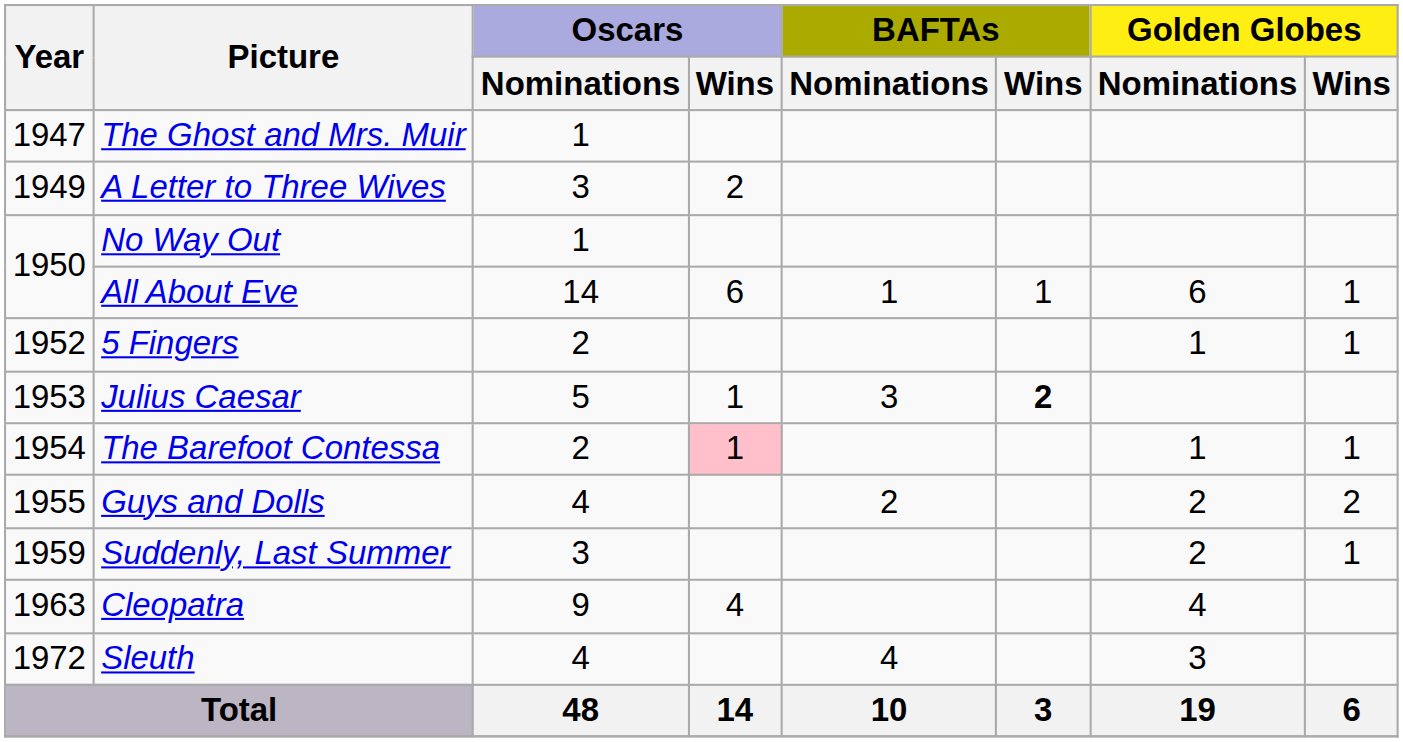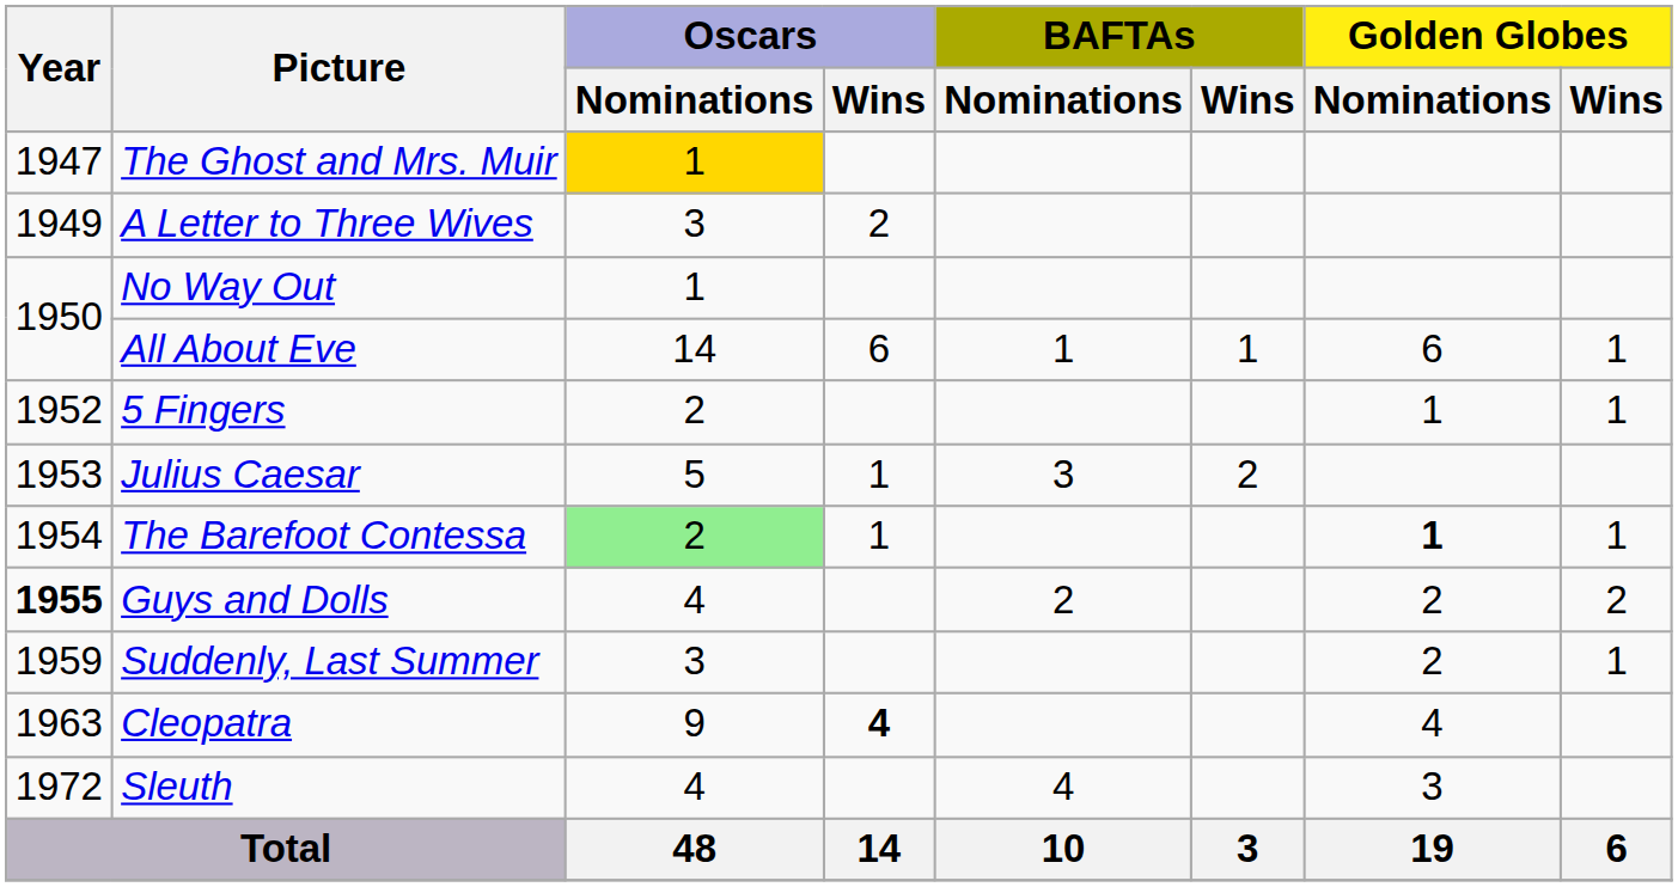 <table class="wikitable">
 <tr>
 <th rowspan="2">Year</th>
 <th rowspan="2">Picture</th>
 <th colspan="2" style="background-color:#aaaade;">Oscars</th>
 <th colspan="2" style="background-color:#aa0;">BAFTAs</th>
 <th colspan="2" style="background-color:#fe1;">Golden Globes</th>
 </tr>
 <tr>
 <th>Nominations</th>
 <th>Wins</th>
 <th>Nominations</th>
 <th>Wins</th>
 <th>Nominations</th>
 <th>Wins</th>
 </tr>
 <tr>
 <td>1947</td>
 <td><em><a href='#'>The Ghost and Mrs. Muir</a></em></td>
-<td align=center>1</td>
+<td align=center style="background: gold;">1</td>
 <td></td>
 <td></td>
 <td></td>
 <td></td>
 <td></td>
 </tr>
 <tr>
 <td>1949</td>
 <td><em><a href='#'>A Letter to Three Wives</a></em></td>
 <td align=center>3</td>
 <td align=center>2</td>
 <td></td>
 <td></td>
 <td></td>
 <td></td>
 </tr>
 <tr>
 <td rowspan="2">1950</td>
 <td><em><a href='#'>No Way Out</a></em></td>
 <td align=center>1</td>
 <td></td>
 <td></td>
 <td></td>
 <td></td>
 <td></td>
 </tr>
 <tr>
 <td><em><a href='#'>All About Eve</a></em></td>
 <td align=center>14</td>
 <td align=center>6</td>
 <td align=center>1</td>
 <td align=center>1</td>
 <td align=center>6</td>
 <td align=center>1</td>
 </tr>
 <tr>
 <td>1952</td>
 <td><em><a href='#'>5 Fingers</a></em></td>
 <td align=center>2</td>
 <td></td>
 <td></td>
 <td></td>
 <td align=center>1</td>
 <td align=center>1</td>
 </tr>
 <tr>
 <td>1953</td>
 <td><em><a href='#'>Julius Caesar</a></em></td>
 <td align=center>5</td>
 <td align=center>1</td>
 <td align=center>3</td>
-<td align=center><strong>2</strong></td>
+<td align=center>2</td>
 <td></td>
 <td></td>
 </tr>
 <tr>
 <td>1954</td>
 <td><em><a href='#'>The Barefoot Contessa</a></em></td>
-<td align=center>2</td>
-<td align=center style="background: pink;">1</td>
+<td align=center style="background: lightgreen;">2</td>
+<td align=center>1</td>
 <td></td>
 <td></td>
-<td align=center>1</td>
+<td align=center><strong>1</strong></td>
 <td align=center>1</td>
 </tr>
 <tr>
-<td>1955</td>
+<td><strong>1955</strong></td>
 <td><em><a href='#'>Guys and Dolls</a></em></td>
 <td align=center>4</td>
 <td></td>
 <td align=center>2</td>
 <td></td>
 <td align=center>2</td>
 <td align=center>2</td>
 </tr>
 <tr>
 <td>1959</td>
 <td><em><a href='#'>Suddenly, Last Summer</a></em></td>
 <td align=center>3</td>
 <td></td>
 <td></td>
 <td></td>
 <td align=center>2</td>
 <td align=center>1</td>
 </tr>
 <tr>
 <td>1963</td>
 <td><em><a href='#'>Cleopatra</a></em></td>
 <td align=center>9</td>
-<td align=center>4</td>
+<td align=center><strong>4</strong></td>
 <td></td>
 <td></td>
 <td align=center>4</td>
 <td></td>
 </tr>
 <tr>
 <td>1972</td>
 <td><em><a href='#'>Sleuth</a></em></td>
 <td align=center>4</td>
 <td></td>
 <td align=center>4</td>
 <td></td>
 <td align=center>3</td>
 <td></td>
 </tr>
 <tr>
 <th colspan="2" style="background-color:#bcb5c3;">Total</th>
 <th>48</th>
 <th>14</th>
 <th>10</th>
 <th>3</th>
 <th>19</th>
 <th>6</th>
 </tr>
 <tr>
 </tr>
 </table>
